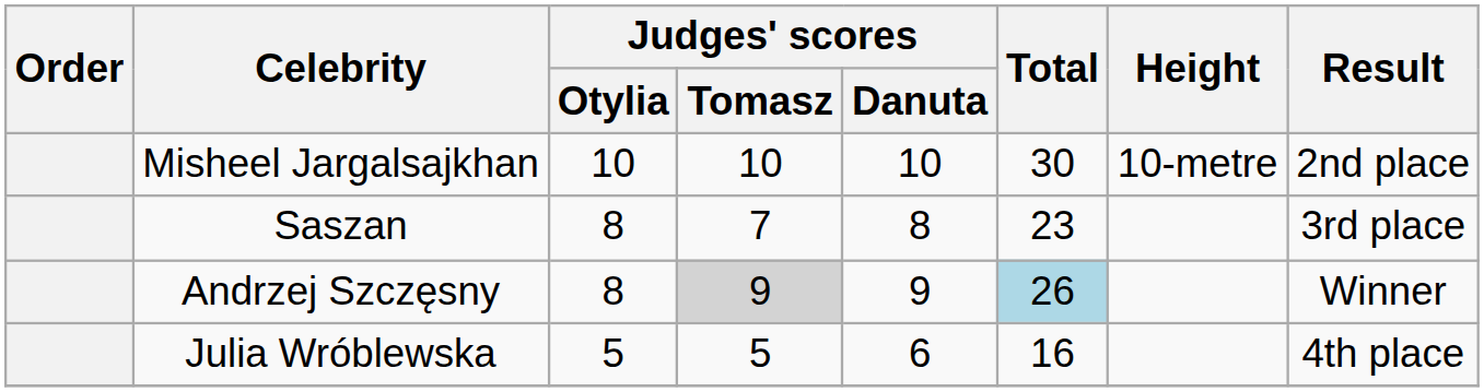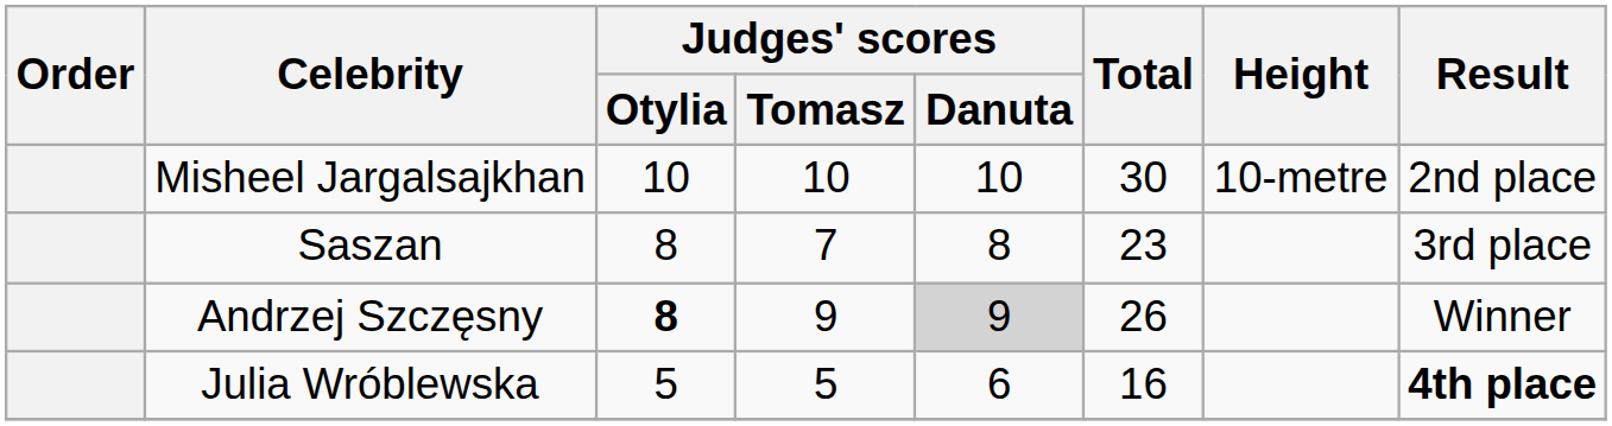 <table class="wikitable" style="margin= auto; text-align: center;">
 <tr>
 <th scope=row rowspan=2>Order</th>
 <th rowspan=2>Celebrity</th>
 <th colspan=3>Judges' scores</th>
 <th rowspan=2>Total</th>
 <th rowspan=2>Height</th>
 <th rowspan=2>Result</th>
 </tr>
 <tr>
 <th>Otylia</th>
 <th>Tomasz</th>
 <th>Danuta</th>
 </tr>
 <tr>
 <th scope=row></th>
 <td>Misheel Jargalsajkhan</td>
 <td>10</td>
 <td>10</td>
 <td>10</td>
 <td>30</td>
 <td>10-metre</td>
 <td>2nd place</td>
 </tr>
 <tr>
 <th scope=row></th>
 <td>Saszan</td>
 <td>8</td>
 <td>7</td>
 <td>8</td>
 <td>23</td>
 <td></td>
 <td>3rd place</td>
 </tr>
 <tr>
 <th scope=row></th>
 <td>Andrzej Szczęsny</td>
-<td>8</td>
+<td><strong>8</strong></td>
+<td>9</td>
 <td style="background: lightgrey;">9</td>
-<td>9</td>
-<td style="background: lightblue;">26</td>
+<td>26</td>
 <td></td>
 <td>Winner</td>
 </tr>
 <tr>
 <th scope=row></th>
 <td>Julia Wróblewska</td>
 <td>5</td>
 <td>5</td>
 <td>6</td>
 <td>16</td>
 <td></td>
-<td>4th place</td>
+<td><strong>4th place</strong></td>
 </tr>
 <tr>
 </tr>
 </table>
